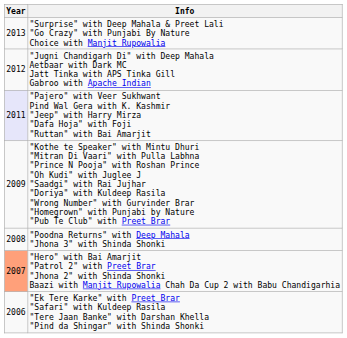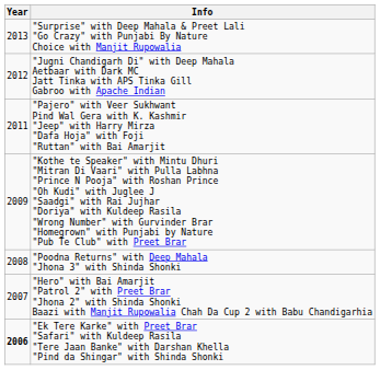 <table class="wikitable">
 <tr>
 <th>Year</th>
 <th>Info</th>
 </tr>
 <tr>
 <td>2013</td>
 <td>"Surprise" with Deep Mahala & Preet Lali<br>"Go Crazy" with Punjabi By Nature<br>Choice with <a href='#'>Manjit Rupowalia</a></td>
 </tr>
 <tr>
 <td>2012</td>
 <td>"Jugni Chandigarh Di" with Deep Mahala<br>Aetbaar with Dark MC<br>Jatt Tinka with APS Tinka Gill<br>Gabroo with <a href='#'>Apache Indian</a></td>
 </tr>
 <tr>
-<td style="background: lavender;">2011</td>
+<td>2011</td>
 <td>"Pajero"  with Veer Sukhwant<br>Pind Wal Gera with K. Kashmir<br>"Jeep" with Harry Mirza<br>"Dafa Hoja" with Foji<br>"Ruttan" with Bai Amarjit</td>
 </tr>
 <tr>
 <td>2009</td>
 <td>"Kothe te Speaker" with Mintu Dhuri <br>"Mitran Di Vaari" with Pulla Labhna<br>"Prince N Pooja" with Roshan Prince<br>"Oh Kudi" with Juglee J<br>"Saadgi" with Rai Jujhar<br>"Doriya" with Kuldeep Rasila<br>"Wrong Number" with Gurvinder Brar<br>"Homegrown" with Punjabi by Nature<br>"Pub Te Club" with <a href='#'>Preet Brar</a></td>
 </tr>
 <tr>
 <td>2008</td>
 <td>"Poodna Returns" with <a href='#'>Deep Mahala</a> <br>"Jhona 3" with Shinda Shonki</td>
 </tr>
 <tr Chah Da Cup 3 with Babu Chandigarhia>
-<td style="background: lightsalmon;">2007</td>
+<td>2007</td>
 <td>"Hero" with Bai Amarjit<br>"Patrol 2" with <a href='#'>Preet Brar</a><br>"Jhona 2" with Shinda Shonki<br>Baazi with <a href='#'>Manjit Rupowalia</a> Chah Da Cup 2 with Babu Chandigarhia</td>
 </tr>
 <tr>
-<td>2006</td>
+<td><strong>2006</strong></td>
 <td>"Ek Tere Karke" with <a href='#'>Preet Brar</a><br>"Safari" with Kuldeep Rasila<br>"Tere Jaan Banke" with Darshan Khella<br>"Pind da Shingar" with Shinda Shonki</td>
 </tr>
 </table>
